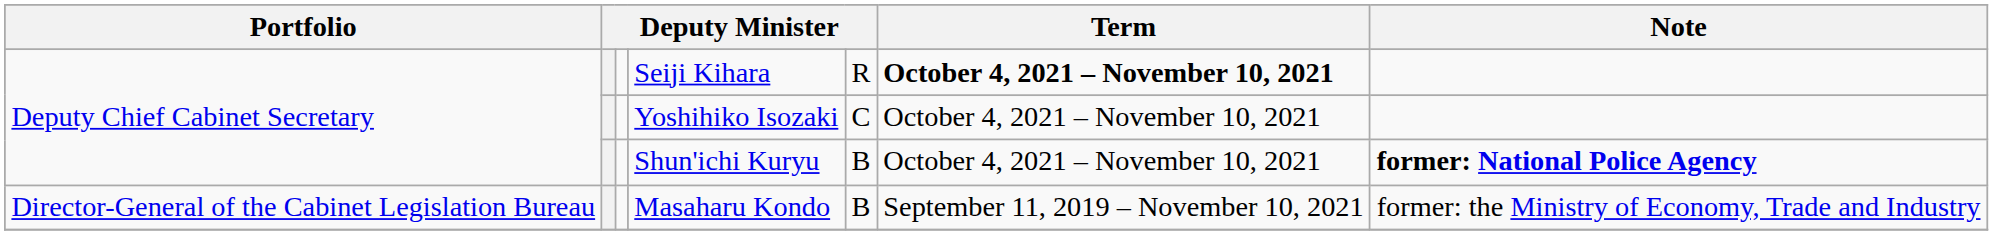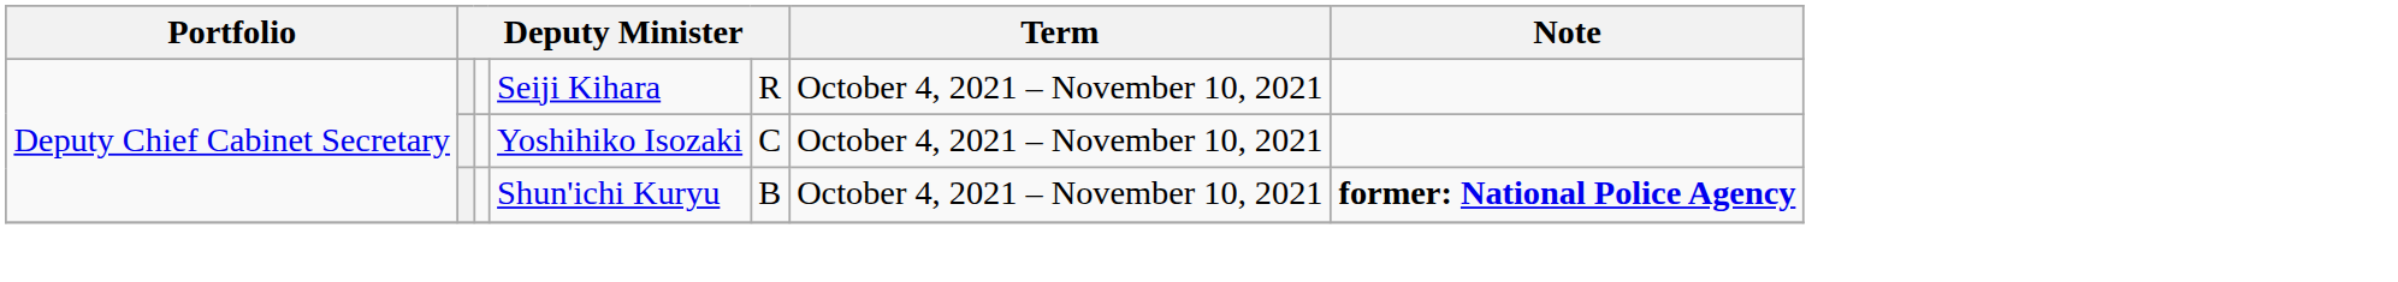 <table class="wikitable">
 <tr>
 <th>Portfolio</th>
 <th colspan="4">Deputy Minister</th>
 <th>Term</th>
 <th>Note</th>
 </tr>
 <tr>
 <td rowspan=3><a href='#'>Deputy Chief Cabinet Secretary</a></td>
 <th style="color:inherit;background-color: "></th>
 <td></td>
 <td><a href='#'>Seiji Kihara</a></td>
 <td>R</td>
-<td><strong>October 4, 2021 – November 10, 2021</strong></td>
+<td>October 4, 2021 – November 10, 2021</td>
 <td></td>
 </tr>
 <tr>
 <th style="color:inherit;background-color: "></th>
 <td></td>
 <td><a href='#'>Yoshihiko Isozaki</a></td>
 <td>C</td>
 <td>October 4, 2021 – November 10, 2021</td>
 <td></td>
 </tr>
 <tr>
 <th></th>
 <td></td>
 <td><a href='#'>Shun'ichi Kuryu</a></td>
 <td>B</td>
 <td>October 4, 2021 – November 10, 2021</td>
 <td><strong>former: <a href='#'>National Police Agency</a></strong></td>
 </tr>
 <tr>
-<td><a href='#'>Director-General of the Cabinet Legislation Bureau</a></td>
-<th></th>
-<td></td>
-<td><a href='#'>Masaharu Kondo</a></td>
-<td>B</td>
-<td>September 11, 2019 – November 10, 2021</td>
-<td>former: the <a href='#'>Ministry of Economy, Trade and Industry</a></td>
-</tr>
-<tr>
 </tr>
 </table>
